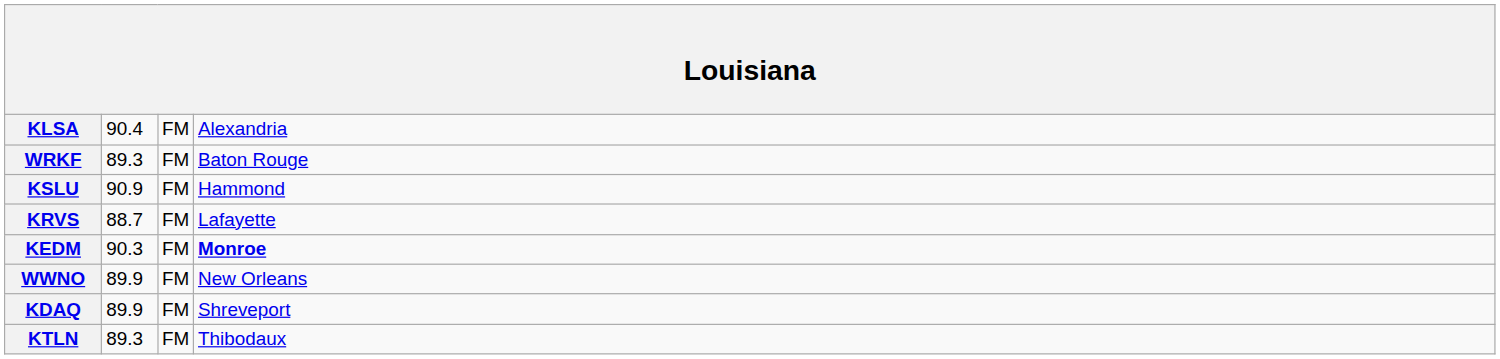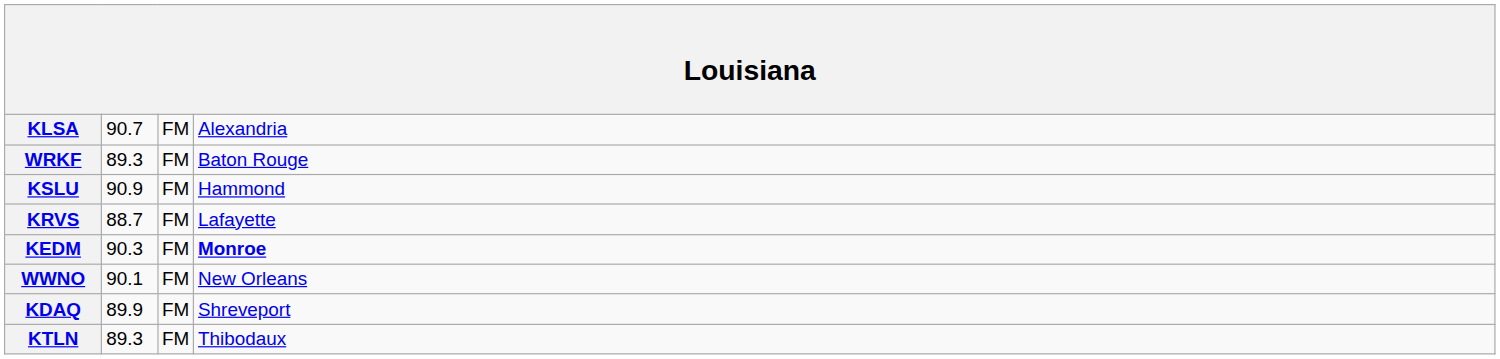 <table class="wikitable mw-collapsible" style="width:100%">
 <tr>
 <th scope="col" colspan="4"><br><h2>Louisiana</h2></th>
 </tr>
 <tr>
 <th scope="row" style="width: 75px;"><a href='#'>KLSA</a></th>
-<td style="width: 40px;">90.4</td>
+<td style="width: 40px;">90.7</td>
 <td style="width: 21px;">FM</td>
 <td><a href='#'>Alexandria</a></td>
 </tr>
 <tr>
 <th scope="row"><a href='#'>WRKF</a></th>
 <td>89.3</td>
 <td>FM</td>
 <td><a href='#'>Baton Rouge</a></td>
 </tr>
 <tr>
 <th scope="row"><a href='#'>KSLU</a></th>
 <td>90.9</td>
 <td>FM</td>
 <td><a href='#'>Hammond</a></td>
 </tr>
 <tr>
 <th scope="row"><a href='#'>KRVS</a></th>
 <td>88.7</td>
 <td>FM</td>
 <td><a href='#'>Lafayette</a></td>
 </tr>
 <tr>
 <th scope="row"><a href='#'>KEDM</a></th>
 <td>90.3</td>
 <td>FM</td>
 <td><strong><a href='#'>Monroe</a></strong></td>
 </tr>
 <tr>
 <th scope="row"><a href='#'>WWNO</a></th>
-<td>89.9</td>
+<td>90.1</td>
 <td>FM</td>
 <td><a href='#'>New Orleans</a></td>
 </tr>
 <tr>
 <th scope="row"><a href='#'>KDAQ</a></th>
 <td>89.9</td>
 <td>FM</td>
 <td><a href='#'>Shreveport</a></td>
 </tr>
 <tr>
 <th scope="row"><a href='#'>KTLN</a></th>
 <td>89.3</td>
 <td>FM</td>
 <td><a href='#'>Thibodaux</a></td>
 </tr>
 </table>
